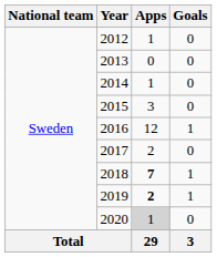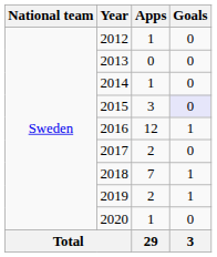 <table class="wikitable" style="text-align:center">
 <tr>
 <th>National team</th>
 <th>Year</th>
 <th>Apps</th>
 <th>Goals</th>
 </tr>
 <tr>
 <td rowspan="9"><a href='#'>Sweden</a></td>
 <td>2012</td>
 <td>1</td>
 <td>0</td>
 </tr>
 <tr>
 <td>2013</td>
 <td>0</td>
 <td>0</td>
 </tr>
 <tr>
 <td>2014</td>
 <td>1</td>
 <td>0</td>
 </tr>
 <tr>
 <td>2015</td>
 <td>3</td>
-<td>0</td>
+<td style="background: lavender;">0</td>
 </tr>
 <tr>
 <td>2016</td>
 <td>12</td>
 <td>1</td>
 </tr>
 <tr>
 <td>2017</td>
 <td>2</td>
 <td>0</td>
 </tr>
 <tr>
 <td>2018</td>
-<td><strong>7</strong></td>
+<td>7</td>
 <td>1</td>
 </tr>
 <tr>
 <td>2019</td>
-<td><strong>2</strong></td>
+<td>2</td>
 <td>1</td>
 </tr>
 <tr>
 <td>2020</td>
-<td style="background: lightgrey;">1</td>
+<td>1</td>
 <td>0</td>
 </tr>
 <tr>
 <th colspan="2">Total</th>
 <th>29</th>
 <th>3</th>
 </tr>
 </table>
